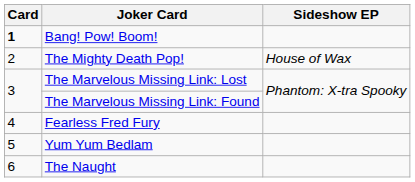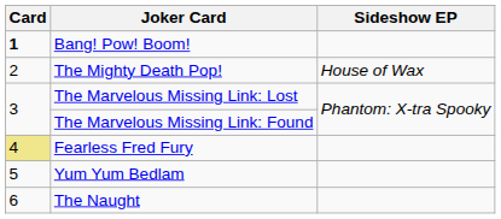 <table class="wikitable">
 <tr>
 <th>Card</th>
 <th>Joker Card</th>
 <th><strong>Sideshow EP</strong></th>
 </tr>
 <tr>
 <td><strong>1</strong></td>
 <td><a href='#'>Bang! Pow! Boom!</a></td>
 <td></td>
 </tr>
 <tr>
 <td>2</td>
 <td><a href='#'>The Mighty Death Pop!</a></td>
 <td><em>House of Wax</em></td>
 </tr>
 <tr>
 <td rowspan="2">3</td>
 <td><a href='#'>The Marvelous Missing Link: Lost</a></td>
 <td rowspan="2"><em>Phantom: X-tra Spooky</em></td>
 </tr>
 <tr>
 <td><a href='#'>The Marvelous Missing Link: Found</a></td>
 </tr>
 <tr>
-<td>4</td>
+<td style="background: khaki;">4</td>
 <td><a href='#'>Fearless Fred Fury</a></td>
 <td></td>
 </tr>
 <tr>
 <td>5</td>
 <td><a href='#'>Yum Yum Bedlam</a></td>
 <td></td>
 </tr>
 <tr>
 <td>6</td>
 <td><a href='#'>The Naught</a></td>
 <td></td>
 </tr>
 </table>
